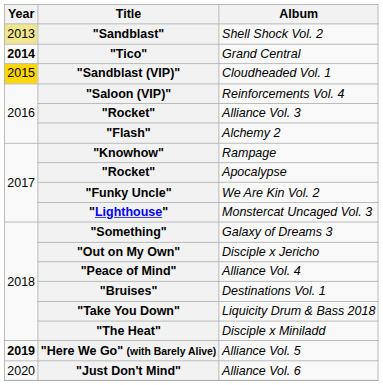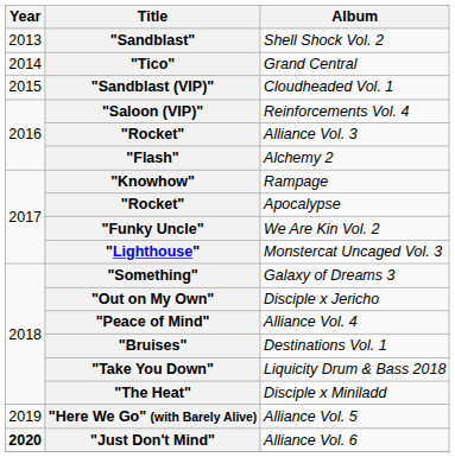 <table class="wikitable plainrowheaders">
 <tr>
 <th>Year</th>
 <th>Title</th>
 <th>Album</th>
 </tr>
 <tr>
-<td style="background: khaki;">2013</td>
+<td>2013</td>
 <th scope="row">"Sandblast"</th>
 <td><em>Shell Shock Vol. 2</em></td>
 </tr>
 <tr>
-<td><strong>2014</strong></td>
+<td>2014</td>
 <th scope="row">"Tico"</th>
 <td><em>Grand Central</em></td>
 </tr>
 <tr>
-<td style="background: gold;">2015</td>
+<td>2015</td>
 <th scope="row">"Sandblast (VIP)"</th>
 <td><em>Cloudheaded Vol. 1</em></td>
 </tr>
 <tr>
 <td rowspan="3">2016</td>
 <th scope="row">"Saloon (VIP)"</th>
 <td><em>Reinforcements Vol. 4</em></td>
 </tr>
 <tr>
 <th scope="row">"Rocket"</th>
 <td><em>Alliance Vol. 3</em></td>
 </tr>
 <tr>
 <th scope="row">"Flash"</th>
 <td><em>Alchemy 2</em></td>
 </tr>
 <tr>
 <td rowspan="4">2017</td>
 <th scope="row">"Knowhow"</th>
 <td><em>Rampage</em></td>
 </tr>
 <tr>
 <th scope="row">"Rocket"</th>
 <td><em>Apocalypse</em></td>
 </tr>
 <tr>
 <th scope="row">"Funky Uncle"</th>
 <td><em>We Are Kin Vol. 2</em></td>
 </tr>
 <tr>
 <th scope="row">"<a href='#'>Lighthouse</a>"</th>
 <td><em>Monstercat Uncaged Vol. 3</em></td>
 </tr>
 <tr>
 <td rowspan="6">2018</td>
 <th scope="row">"Something"</th>
 <td><em>Galaxy of Dreams 3</em></td>
 </tr>
 <tr>
 <th scope="row">"Out on My Own"</th>
 <td><em>Disciple x Jericho</em></td>
 </tr>
 <tr>
 <th scope="row">"Peace of Mind"</th>
 <td><em>Alliance Vol. 4</em></td>
 </tr>
 <tr>
 <th scope="row">"Bruises"</th>
 <td><em>Destinations Vol. 1</em></td>
 </tr>
 <tr>
 <th scope="row">"Take You Down"</th>
 <td><em>Liquicity Drum & Bass 2018</em></td>
 </tr>
 <tr>
 <th scope="row">"The Heat"</th>
 <td><em>Disciple x Miniladd</em></td>
 </tr>
 <tr>
-<td rowspan="1"><strong>2019</strong></td>
+<td rowspan="1">2019</td>
 <th scope="row">"Here We Go" <small>(with Barely Alive)</small></th>
 <td><em>Alliance Vol. 5</em></td>
 </tr>
 <tr>
-<td rowspan="1">2020</td>
+<td rowspan="1"><strong>2020</strong></td>
 <th scope="row">"Just Don't Mind"</th>
 <td><em>Alliance Vol. 6</em></td>
 </tr>
 <tr>
 </tr>
 </table>
